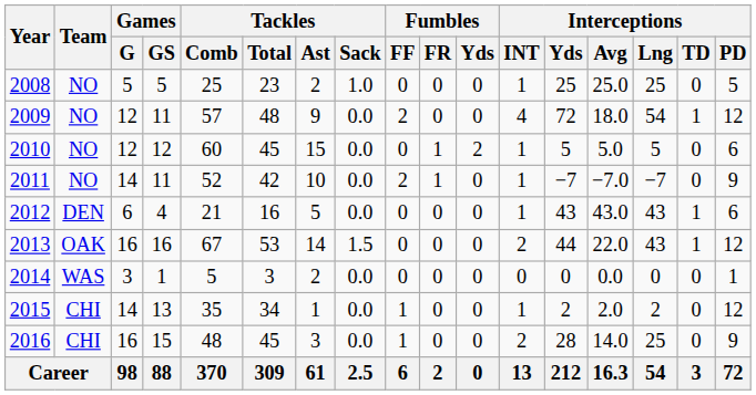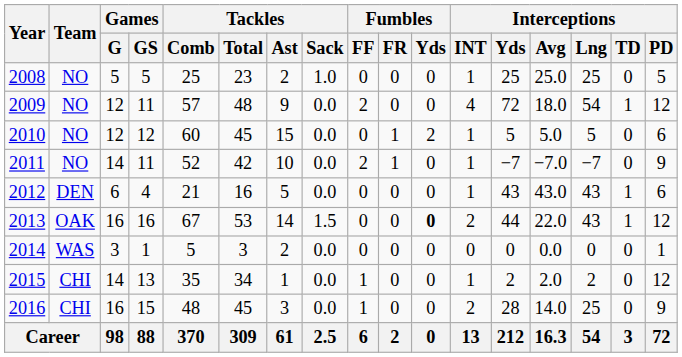 <table class=wikitable style="text-align:center;">
 <tr>
 <th rowspan="2">Year</th>
 <th rowspan="2">Team</th>
 <th colspan="2">Games</th>
 <th colspan="4">Tackles</th>
 <th colspan="3">Fumbles</th>
 <th colspan="6">Interceptions</th>
 </tr>
 <tr style="text-align:center; background:#e0e0e0;">
 <th>G</th>
 <th>GS</th>
 <th>Comb</th>
 <th>Total</th>
 <th>Ast</th>
 <th>Sack</th>
 <th>FF</th>
 <th>FR</th>
 <th>Yds</th>
 <th>INT</th>
 <th>Yds</th>
 <th>Avg</th>
 <th>Lng</th>
 <th>TD</th>
 <th>PD</th>
 </tr>
 <tr style="text-align:center;">
 <td><a href='#'>2008</a></td>
 <td><a href='#'>NO</a></td>
 <td>5</td>
 <td>5</td>
 <td>25</td>
 <td>23</td>
 <td>2</td>
 <td>1.0</td>
 <td>0</td>
 <td>0</td>
 <td>0</td>
 <td>1</td>
 <td>25</td>
 <td>25.0</td>
 <td>25</td>
 <td>0</td>
 <td>5</td>
 </tr>
 <tr>
 <td><a href='#'>2009</a></td>
 <td><a href='#'>NO</a></td>
 <td>12</td>
 <td>11</td>
 <td>57</td>
 <td>48</td>
 <td>9</td>
 <td>0.0</td>
 <td>2</td>
 <td>0</td>
 <td>0</td>
 <td>4</td>
 <td>72</td>
 <td>18.0</td>
 <td>54</td>
 <td>1</td>
 <td>12</td>
 </tr>
 <tr>
 <td><a href='#'>2010</a></td>
 <td><a href='#'>NO</a></td>
 <td>12</td>
 <td>12</td>
 <td>60</td>
 <td>45</td>
 <td>15</td>
 <td>0.0</td>
 <td>0</td>
 <td>1</td>
 <td>2</td>
 <td>1</td>
 <td>5</td>
 <td>5.0</td>
 <td>5</td>
 <td>0</td>
 <td>6</td>
 </tr>
 <tr>
 <td><a href='#'>2011</a></td>
 <td><a href='#'>NO</a></td>
 <td>14</td>
 <td>11</td>
 <td>52</td>
 <td>42</td>
 <td>10</td>
 <td>0.0</td>
 <td>2</td>
 <td>1</td>
 <td>0</td>
 <td>1</td>
 <td>−7</td>
 <td>−7.0</td>
 <td>−7</td>
 <td>0</td>
 <td>9</td>
 </tr>
 <tr>
 <td><a href='#'>2012</a></td>
 <td><a href='#'>DEN</a></td>
 <td>6</td>
 <td>4</td>
 <td>21</td>
 <td>16</td>
 <td>5</td>
 <td>0.0</td>
 <td>0</td>
 <td>0</td>
 <td>0</td>
 <td>1</td>
 <td>43</td>
 <td>43.0</td>
 <td>43</td>
 <td>1</td>
 <td>6</td>
 </tr>
 <tr>
 <td><a href='#'>2013</a></td>
 <td><a href='#'>OAK</a></td>
 <td>16</td>
 <td>16</td>
 <td>67</td>
 <td>53</td>
 <td>14</td>
 <td>1.5</td>
 <td>0</td>
 <td>0</td>
-<td>0</td>
+<td><strong>0</strong></td>
 <td>2</td>
 <td>44</td>
 <td>22.0</td>
 <td>43</td>
 <td>1</td>
 <td>12</td>
 </tr>
 <tr>
 <td><a href='#'>2014</a></td>
 <td><a href='#'>WAS</a></td>
 <td>3</td>
 <td>1</td>
 <td>5</td>
 <td>3</td>
 <td>2</td>
 <td>0.0</td>
 <td>0</td>
 <td>0</td>
 <td>0</td>
 <td>0</td>
 <td>0</td>
 <td>0.0</td>
 <td>0</td>
 <td>0</td>
 <td>1</td>
 </tr>
 <tr>
 <td><a href='#'>2015</a></td>
 <td><a href='#'>CHI</a></td>
 <td>14</td>
 <td>13</td>
 <td>35</td>
 <td>34</td>
 <td>1</td>
 <td>0.0</td>
 <td>1</td>
 <td>0</td>
 <td>0</td>
 <td>1</td>
 <td>2</td>
 <td>2.0</td>
 <td>2</td>
 <td>0</td>
 <td>12</td>
 </tr>
 <tr>
 <td><a href='#'>2016</a></td>
 <td><a href='#'>CHI</a></td>
 <td>16</td>
 <td>15</td>
 <td>48</td>
 <td>45</td>
 <td>3</td>
 <td>0.0</td>
 <td>1</td>
 <td>0</td>
 <td>0</td>
 <td>2</td>
 <td>28</td>
 <td>14.0</td>
 <td>25</td>
 <td>0</td>
 <td>9</td>
 </tr>
 <tr class="sortbottom">
 <th colspan=2>Career</th>
 <th>98</th>
 <th>88</th>
 <th>370</th>
 <th>309</th>
 <th>61</th>
 <th>2.5</th>
 <th>6</th>
 <th>2</th>
 <th>0</th>
 <th>13</th>
 <th>212</th>
 <th>16.3</th>
 <th>54</th>
 <th>3</th>
 <th>72</th>
 </tr>
 </table>
